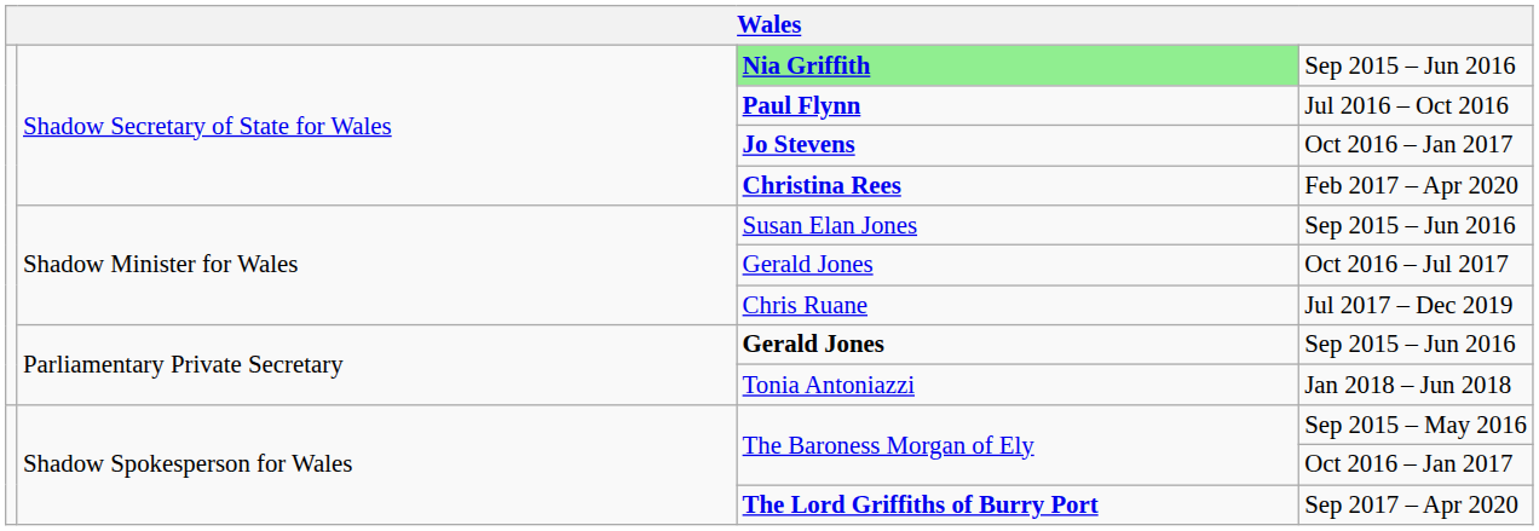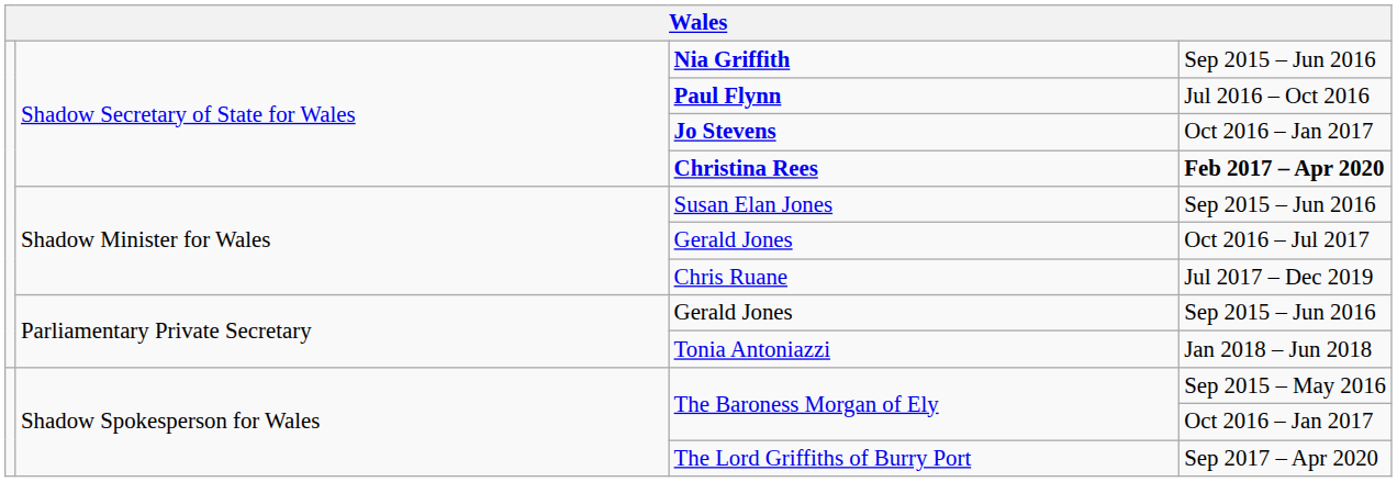 <table class="wikitable">
 <tr>
 <th colspan="4"><a href='#'>Wales</a></th>
 </tr>
 <tr>
 <td rowspan="9" style="background: "></td>
 <td rowspan="4" style="width: 450px;"><a href='#'>Shadow Secretary of State for Wales</a></td>
-<td style="background: lightgreen; width: 350px;"><strong><a href='#'>Nia Griffith</a></strong></td>
+<td style="width: 350px;"><strong><a href='#'>Nia Griffith</a></strong></td>
 <td>Sep 2015 – Jun 2016</td>
 </tr>
 <tr>
 <td><a href='#'><strong>Paul Flynn</strong></a></td>
 <td>Jul 2016 – Oct 2016</td>
 </tr>
 <tr>
 <td><strong><a href='#'>Jo Stevens</a></strong></td>
 <td>Oct 2016 – Jan 2017</td>
 </tr>
 <tr>
 <td><strong><a href='#'>Christina Rees</a></strong></td>
-<td>Feb 2017 – Apr 2020</td>
+<td><strong>Feb 2017 – Apr 2020</strong></td>
 </tr>
 <tr>
 <td rowspan="3">Shadow Minister for Wales</td>
 <td><a href='#'>Susan Elan Jones</a></td>
 <td>Sep 2015 – Jun 2016</td>
 </tr>
 <tr>
 <td><a href='#'>Gerald Jones</a></td>
 <td>Oct 2016 – Jul 2017</td>
 </tr>
 <tr>
 <td><a href='#'>Chris Ruane</a></td>
 <td>Jul 2017 – Dec 2019</td>
 </tr>
 <tr>
 <td rowspan="2">Parliamentary Private Secretary</td>
-<td><strong>Gerald Jones</strong></td>
+<td>Gerald Jones</td>
 <td>Sep 2015 – Jun 2016</td>
 </tr>
 <tr>
 <td><a href='#'>Tonia Antoniazzi</a></td>
 <td>Jan 2018 – Jun 2018</td>
 </tr>
 <tr>
 <td rowspan="3" style="background: "></td>
 <td rowspan="3">Shadow Spokesperson for Wales</td>
 <td rowspan="2"><a href='#'>The Baroness Morgan of Ely</a></td>
 <td>Sep 2015 – May 2016</td>
 </tr>
 <tr>
 <td>Oct 2016 – Jan 2017</td>
 </tr>
 <tr>
-<td><strong><a href='#'>The Lord Griffiths of Burry Port</a></strong></td>
+<td><a href='#'>The Lord Griffiths of Burry Port</a></td>
 <td>Sep 2017 – Apr 2020</td>
 </tr>
 </table>
